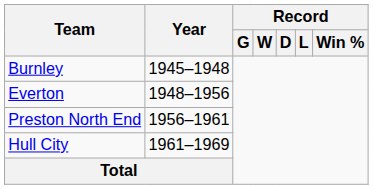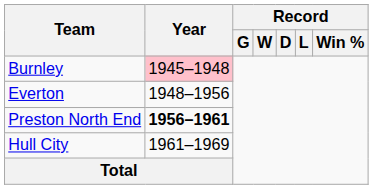 <table class="wikitable" style="text-align: center">
 <tr>
 <th rowspan="2">Team</th>
 <th rowspan="2">Year</th>
 <th colspan="5">Record</th>
 </tr>
 <tr>
 <th>G</th>
 <th>W</th>
 <th>D</th>
 <th>L</th>
 <th>Win %</th>
 </tr>
 <tr>
 <td align="left"><a href='#'>Burnley</a></td>
-<td>1945–1948<br></td>
+<td style="background: pink;">1945–1948<br></td>
 </tr>
 <tr>
 <td align="left"><a href='#'>Everton</a></td>
 <td>1948–1956<br></td>
 </tr>
 <tr>
 <td align="left"><a href='#'>Preston North End</a></td>
-<td>1956–1961<br></td>
+<td><strong>1956–1961<br></strong></td>
 </tr>
 <tr>
 <td align="left"><a href='#'>Hull City</a></td>
 <td>1961–1969<br></td>
 </tr>
 <tr>
 <th colspan=2>Total<br></th>
 </tr>
 </table>
